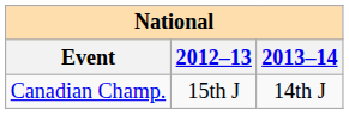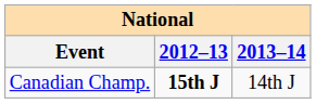 <table class="wikitable" style="text-align:center">
 <tr>
 <th colspan="3" style="background-color: #ffdead; " align="center">National</th>
 </tr>
 <tr>
 <th>Event</th>
 <th><a href='#'>2012–13</a></th>
 <th><a href='#'>2013–14</a></th>
 </tr>
 <tr>
 <td align=left><a href='#'>Canadian Champ.</a></td>
-<td>15th J</td>
+<td><strong>15th J</strong></td>
 <td>14th J</td>
 </tr>
 </table>
